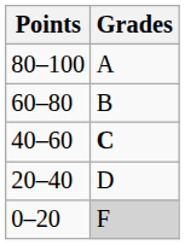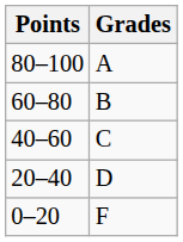 <table class="wikitable">
 <tr>
 <th>Points</th>
 <th>Grades</th>
 </tr>
 <tr>
 <td>80–100</td>
 <td>A</td>
 </tr>
 <tr>
 <td>60–80</td>
 <td>B</td>
 </tr>
 <tr>
 <td>40–60</td>
-<td><strong>C</strong></td>
+<td>C</td>
 </tr>
 <tr>
 <td>20–40</td>
 <td>D</td>
 </tr>
 <tr>
 <td>0–20</td>
-<td style="background: lightgrey;">F</td>
+<td>F</td>
 </tr>
 </table>
